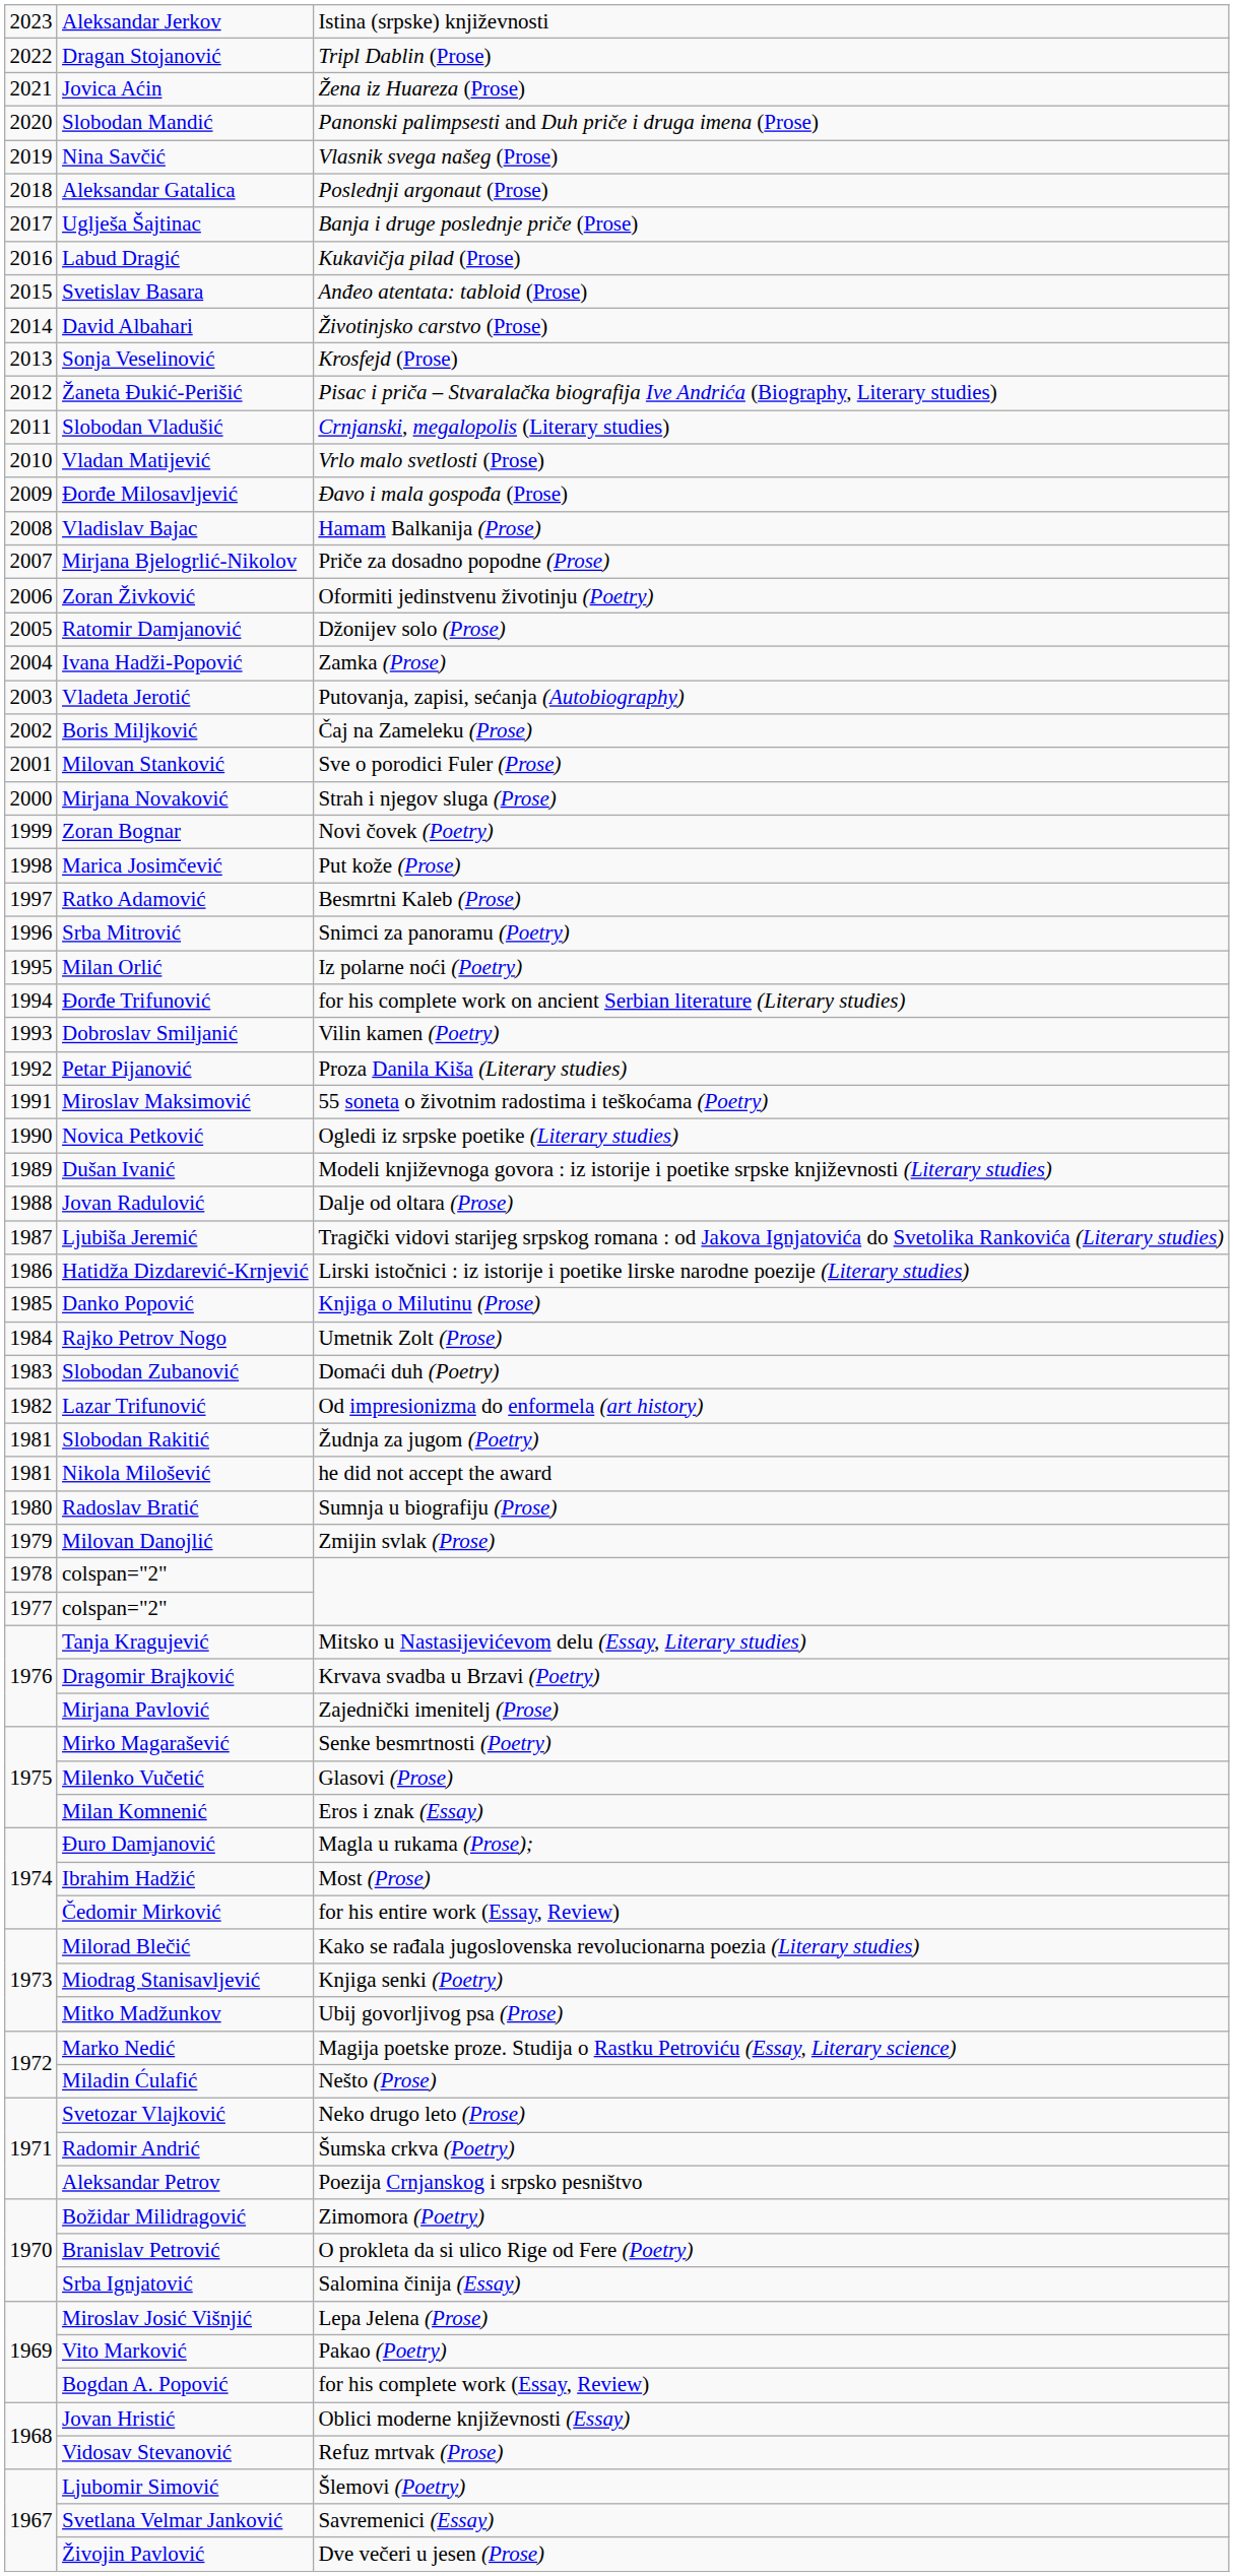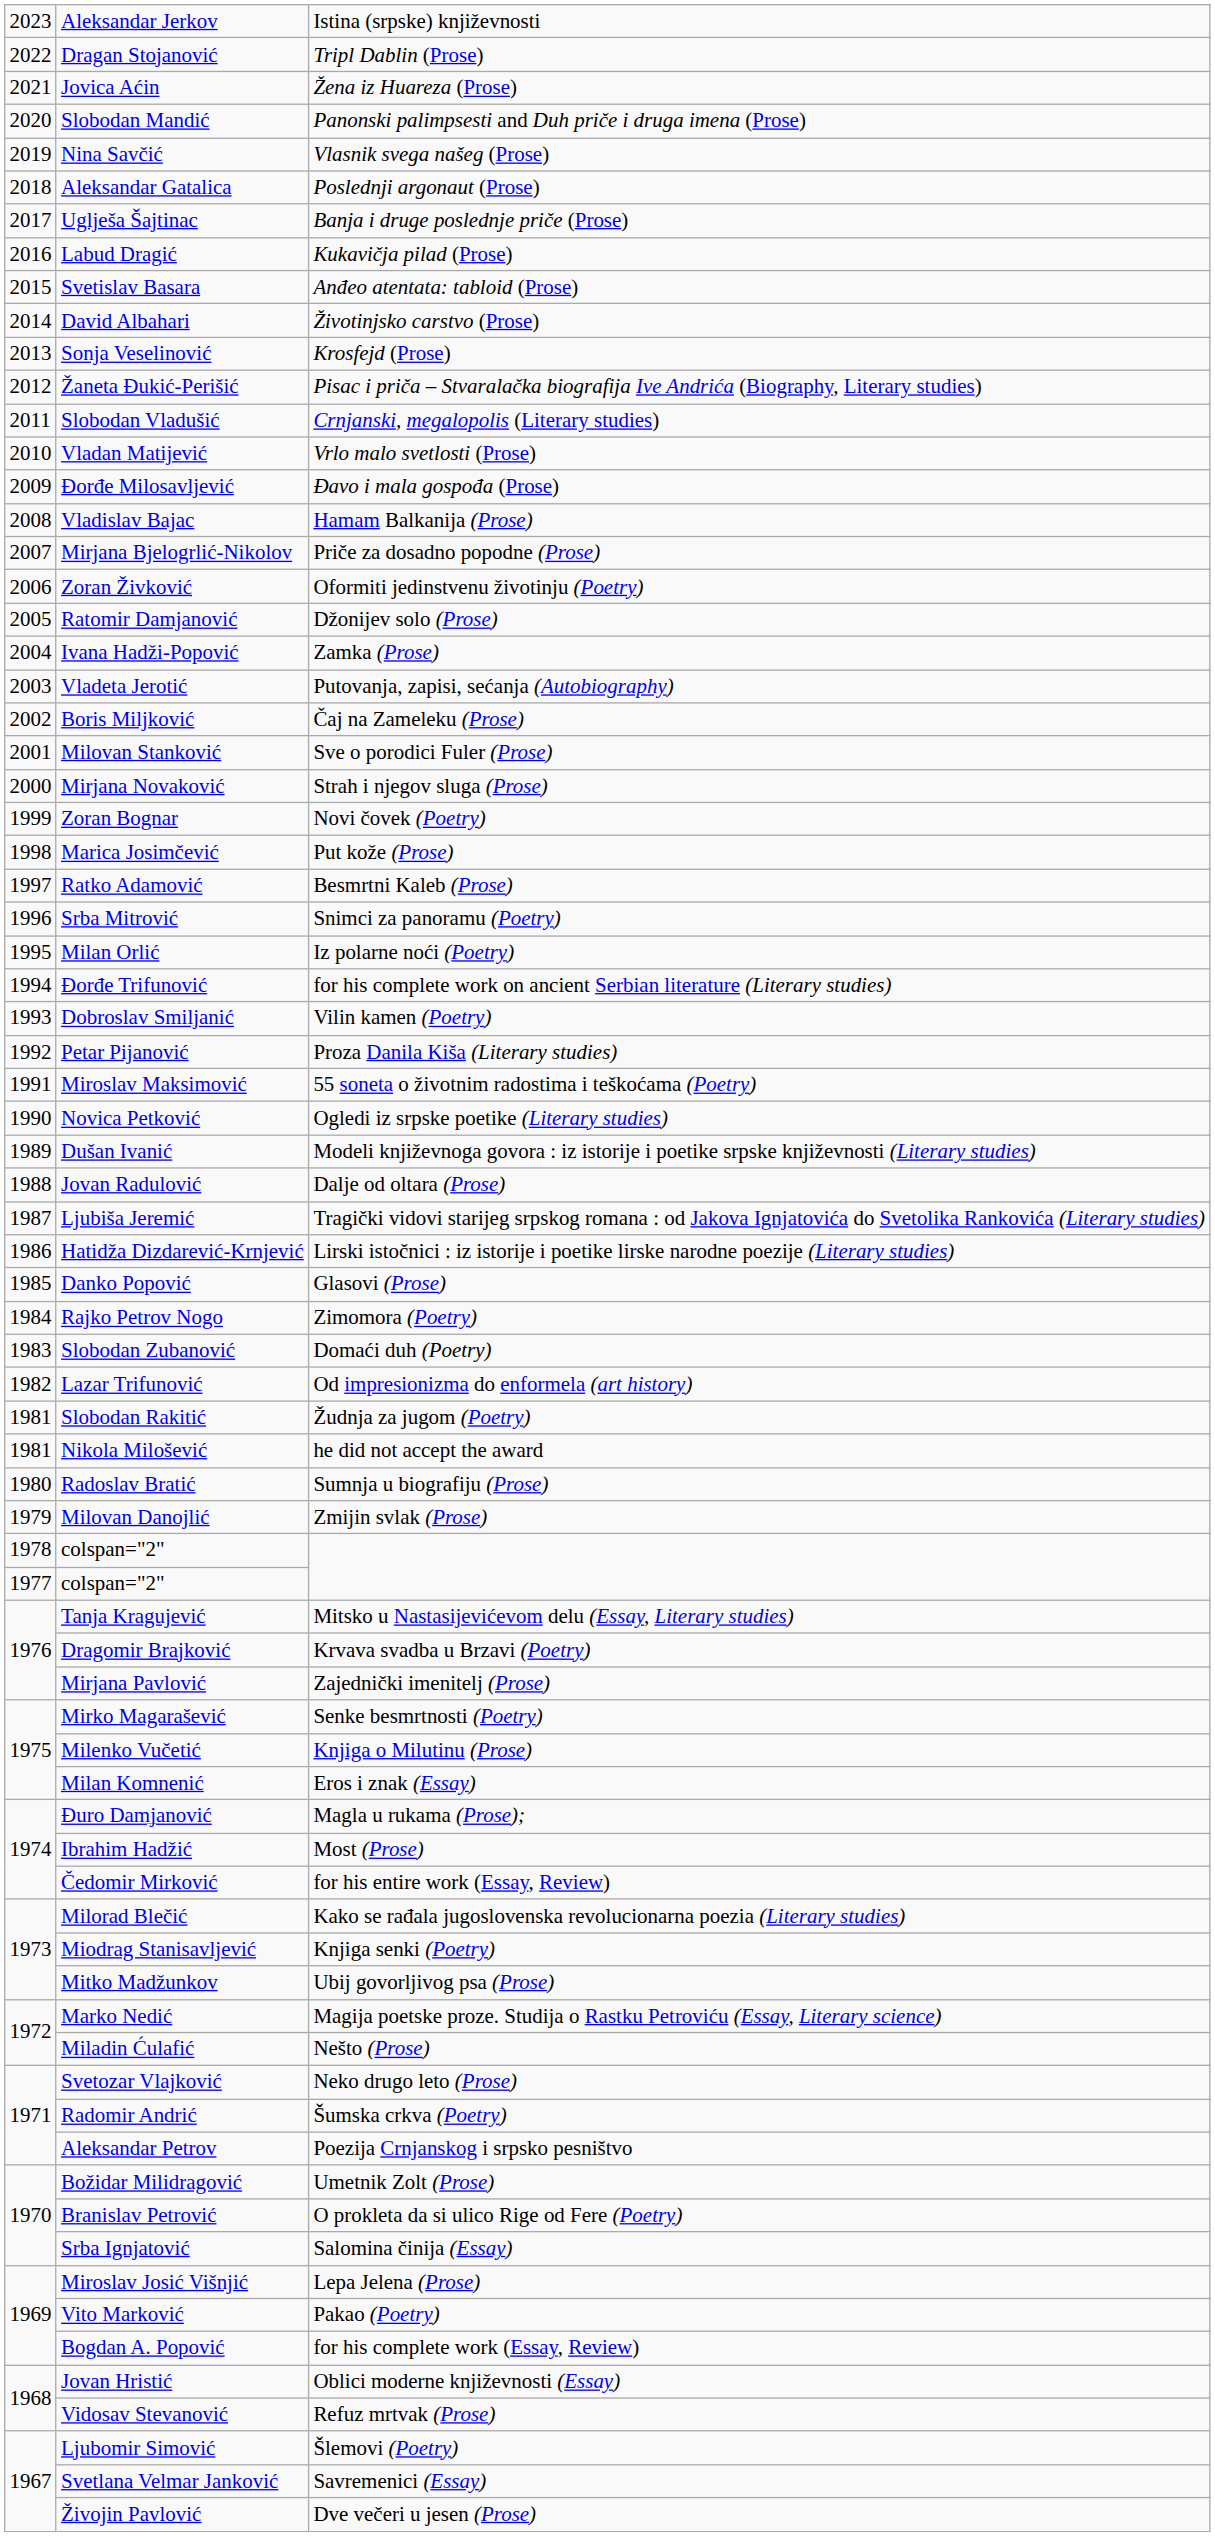 <table class="wikitable">
 <tr>
 <td>2023</td>
 <td><a href='#'>Aleksandar Jerkov</a></td>
 <td>Istina (srpske) književnosti</td>
 </tr>
 <tr>
 <td>2022</td>
 <td><a href='#'>Dragan Stojanović</a></td>
 <td><em>Tripl Dablin</em> (<a href='#'>Prose</a>)</td>
 </tr>
 <tr>
 <td>2021</td>
 <td><a href='#'>Jovica Aćin</a></td>
 <td><em>Žena iz Huareza</em> (<a href='#'>Prose</a>)</td>
 </tr>
 <tr>
 <td>2020</td>
 <td><a href='#'>Slobodan Mandić</a></td>
 <td><em>Panonski palimpsesti</em> and <em>Duh priče i druga imena</em> (<a href='#'>Prose</a>)</td>
 </tr>
 <tr>
 <td>2019</td>
 <td><a href='#'>Nina Savčić</a></td>
 <td><em>Vlasnik svega našeg</em> (<a href='#'>Prose</a>)</td>
 </tr>
 <tr>
 <td>2018</td>
 <td><a href='#'>Aleksandar Gatalica</a></td>
 <td><em>Poslednji argonaut</em> (<a href='#'>Prose</a>)</td>
 </tr>
 <tr>
 <td>2017</td>
 <td><a href='#'>Uglješa Šajtinac</a></td>
 <td><em>Banja i druge poslednje priče</em> (<a href='#'>Prose</a>)</td>
 </tr>
 <tr>
 <td>2016</td>
 <td><a href='#'>Labud Dragić</a></td>
 <td><em>Kukavičja pilad</em> (<a href='#'>Prose</a>)</td>
 </tr>
 <tr>
 <td>2015</td>
 <td><a href='#'>Svetislav Basara</a></td>
 <td><em>Anđeo atentata: tabloid</em>  (<a href='#'>Prose</a>)</td>
 </tr>
 <tr>
 <td>2014</td>
 <td><a href='#'>David Albahari</a></td>
 <td><em>Životinjsko carstvo</em> (<a href='#'>Prose</a>)</td>
 </tr>
 <tr>
 <td>2013</td>
 <td><a href='#'>Sonja Veselinović</a></td>
 <td><em>Krosfejd</em> (<a href='#'>Prose</a>)</td>
 </tr>
 <tr>
 <td>2012</td>
 <td><a href='#'>Žaneta Đukić-Perišić</a></td>
 <td><em>Pisac i priča – Stvaralačka biografija <a href='#'>Ive Andrića</a> </em>(<a href='#'>Biography</a>, <a href='#'>Literary studies</a>)</td>
 </tr>
 <tr>
 <td>2011</td>
 <td><a href='#'>Slobodan Vladušić</a></td>
 <td><em><a href='#'>Crnjanski</a>, <a href='#'>megalopolis</a></em> (<a href='#'>Literary studies</a>)</td>
 </tr>
 <tr>
 <td>2010</td>
 <td><a href='#'>Vladan Matijević</a></td>
 <td><em>Vrlo malo svetlosti</em>  (<a href='#'>Prose</a>)</td>
 </tr>
 <tr>
 <td>2009</td>
 <td><a href='#'>Đorđe Milosavljević</a></td>
 <td><em>Đavo i mala gospođa</em> (<a href='#'>Prose</a>)</td>
 </tr>
 <tr>
 <td>2008</td>
 <td><a href='#'>Vladislav Bajac</a></td>
 <td><a href='#'>Hamam</a> Balkanija<em> (<a href='#'>Prose</a>)</td>
 </tr>
 <tr>
 <td>2007</td>
 <td><a href='#'>Mirjana Bjelogrlić-Nikolov</a></td>
 <td></em>Priče za dosadno popodne<em> (<a href='#'>Prose</a>)</td>
 </tr>
 <tr>
 <td>2006</td>
 <td><a href='#'>Zoran Živković</a></td>
 <td></em>Oformiti jedinstvenu životinju<em> (<a href='#'>Poetry</a>)</td>
 </tr>
 <tr>
 <td>2005</td>
 <td><a href='#'>Ratomir Damjanović</a></td>
 <td></em>Džonijev solo<em> (<a href='#'>Prose</a>)</td>
 </tr>
 <tr>
 <td>2004</td>
 <td><a href='#'>Ivana Hadži-Popović</a></td>
 <td></em>Zamka<em> (<a href='#'>Prose</a>)</td>
 </tr>
 <tr>
 <td>2003</td>
 <td><a href='#'>Vladeta Jerotić</a></td>
 <td></em>Putovanja, zapisi, sećanja<em> (<a href='#'>Autobiography</a>)</td>
 </tr>
 <tr>
 <td>2002</td>
 <td><a href='#'>Boris Miljković</a></td>
 <td></em>Čaj na Zameleku<em> (<a href='#'>Prose</a>)</td>
 </tr>
 <tr>
 <td>2001</td>
 <td><a href='#'>Milovan Stanković</a></td>
 <td></em>Sve o porodici Fuler<em> (<a href='#'>Prose</a>)</td>
 </tr>
 <tr>
 <td>2000</td>
 <td><a href='#'>Mirjana Novaković</a></td>
 <td></em>Strah i njegov sluga<em> (<a href='#'>Prose</a>)</td>
 </tr>
 <tr>
 <td>1999</td>
 <td><a href='#'>Zoran Bognar</a></td>
 <td></em>Novi čovek<em> (<a href='#'>Poetry</a>)</td>
 </tr>
 <tr>
 <td>1998</td>
 <td><a href='#'>Marica Josimčević</a></td>
 <td></em>Put kože<em> (<a href='#'>Prose</a>)</td>
 </tr>
 <tr>
 <td>1997</td>
 <td><a href='#'>Ratko Adamović</a></td>
 <td></em>Besmrtni Kaleb<em> (<a href='#'>Prose</a>)</td>
 </tr>
 <tr>
 <td>1996</td>
 <td><a href='#'>Srba Mitrović</a></td>
 <td></em>Snimci za panoramu<em> (<a href='#'>Poetry</a>)</td>
 </tr>
 <tr>
 <td>1995</td>
 <td><a href='#'>Milan Orlić</a></td>
 <td></em>Iz polarne noći<em> (<a href='#'>Poetry</a>)</td>
 </tr>
 <tr>
 <td>1994</td>
 <td><a href='#'>Đorđe Trifunović</a></td>
 <td>for his </em>complete work on ancient <a href='#'>Serbian literature</a><em> (Literary studies)</td>
 </tr>
 <tr>
 <td>1993</td>
 <td><a href='#'>Dobroslav Smiljanić</a></td>
 <td></em>Vilin kamen<em> (<a href='#'>Poetry</a>)</td>
 </tr>
 <tr>
 <td>1992</td>
 <td><a href='#'>Petar Pijanović</a></td>
 <td></em>Proza <a href='#'>Danila Kiša</a><em> (Literary studies)</td>
 </tr>
 <tr>
 <td>1991</td>
 <td><a href='#'>Miroslav Maksimović</a></td>
 <td></em>55 <a href='#'>soneta</a> o životnim radostima i teškoćama<em> (<a href='#'>Poetry</a>)</td>
 </tr>
 <tr>
 <td>1990</td>
 <td><a href='#'>Novica Petković</a></td>
 <td></em>Ogledi iz srpske poetike<em> (<a href='#'>Literary studies</a>)</td>
 </tr>
 <tr>
 <td>1989</td>
 <td><a href='#'>Dušan Ivanić</a></td>
 <td></em>Modeli književnoga govora : iz istorije i poetike srpske književnosti<em> (<a href='#'>Literary studies</a>)</td>
 </tr>
 <tr>
 <td>1988</td>
 <td><a href='#'>Jovan Radulović</a></td>
 <td></em>Dalje od oltara<em> (<a href='#'>Prose</a>)</td>
 </tr>
 <tr>
 <td>1987</td>
 <td><a href='#'>Ljubiša Jeremić</a></td>
 <td></em>Tragički vidovi starijeg srpskog romana : od <a href='#'>Jakova Ignjatovića</a> do <a href='#'>Svetolika Rankovića</a><em> (<a href='#'>Literary studies</a>)</td>
 </tr>
 <tr>
 <td>1986</td>
 <td><a href='#'>Hatidža Dizdarević-Krnjević</a></td>
 <td></em>Lirski istočnici : iz istorije i poetike lirske narodne poezije<em> (<a href='#'>Literary studies</a>)</td>
 </tr>
 <tr>
 <td>1985</td>
 <td><a href='#'>Danko Popović</a></td>
-<td></em><a href='#'>Knjiga o Milutinu</a><em> (<a href='#'>Prose</a>)</td>
+<td></em>Glasovi<em> (<a href='#'>Prose</a>)</td>
 </tr>
 <tr>
 <td>1984</td>
 <td><a href='#'>Rajko Petrov Nogo</a></td>
-<td></em>Umetnik Zolt<em> (<a href='#'>Prose</a>)</td>
+<td></em>Zimomora<em> (<a href='#'>Poetry</a>)</td>
 </tr>
 <tr>
 <td>1983</td>
 <td><a href='#'>Slobodan Zubanović</a></td>
 <td></em>Domaći duh<em> (Poetry)</td>
 </tr>
 <tr>
 <td>1982</td>
 <td><a href='#'>Lazar Trifunović</a></td>
 <td></em>Od <a href='#'>impresionizma</a> do <a href='#'>enformela</a><em> (<a href='#'>art history</a>)</td>
 </tr>
 <tr>
 <td>1981</td>
 <td><a href='#'>Slobodan Rakitić</a></td>
 <td></em>Žudnja za jugom<em> (<a href='#'>Poetry</a>)</td>
 </tr>
 <tr>
 <td>1981</td>
 <td><a href='#'>Nikola Milošević</a></td>
 <td>he did not accept the award</td>
 </tr>
 <tr>
 <td>1980</td>
 <td><a href='#'>Radoslav Bratić</a></td>
 <td></em>Sumnja u biografiju<em> (<a href='#'>Prose</a>)</td>
 </tr>
 <tr>
 <td>1979</td>
 <td><a href='#'>Milovan Danojlić</a></td>
 <td></em>Zmijin svlak<em> (<a href='#'>Prose</a>)</td>
 </tr>
 <tr>
 <td>1978</td>
 <td>colspan="2" </td>
 </tr>
 <tr>
 <td>1977</td>
 <td>colspan="2" </td>
 </tr>
 <tr>
 <td rowspan="3">1976</td>
 <td><a href='#'>Tanja Kragujević</a></td>
 <td></em>Mitsko u <a href='#'>Nastasijevićevom</a> delu<em> (<a href='#'>Essay</a>, <a href='#'>Literary studies</a>)</td>
 </tr>
 <tr>
 <td><a href='#'>Dragomir Brajković</a></td>
 <td></em>Krvava svadba u Brzavi<em> (<a href='#'>Poetry</a>)</td>
 </tr>
 <tr>
 <td><a href='#'>Mirjana Pavlović</a></td>
 <td></em>Zajednički imenitelj<em> (<a href='#'>Prose</a>)</td>
 </tr>
 <tr>
 <td rowspan="3">1975</td>
 <td><a href='#'>Mirko Magarašević</a></td>
 <td></em>Senke besmrtnosti<em> (<a href='#'>Poetry</a>)</td>
 </tr>
 <tr>
 <td><a href='#'>Milenko Vučetić</a></td>
-<td></em>Glasovi<em> (<a href='#'>Prose</a>)</td>
+<td></em><a href='#'>Knjiga o Milutinu</a><em> (<a href='#'>Prose</a>)</td>
 </tr>
 <tr>
 <td><a href='#'>Milan Komnenić</a></td>
 <td></em>Eros i znak<em> (<a href='#'>Essay</a>)</td>
 </tr>
 <tr>
 <td rowspan="3">1974</td>
 <td><a href='#'>Đuro Damjanović</a></td>
 <td></em>Magla u rukama<em> (<a href='#'>Prose</a>);</td>
 </tr>
 <tr>
 <td><a href='#'>Ibrahim Hadžić</a></td>
 <td></em>Most<em> (<a href='#'>Prose</a>)</td>
 </tr>
 <tr>
 <td><a href='#'>Čedomir Mirković</a></td>
 <td>for his entire work (<a href='#'>Essay</a>, <a href='#'>Review</a>)</td>
 </tr>
 <tr>
 <td rowspan="3">1973</td>
 <td><a href='#'>Milorad Blečić</a></td>
 <td></em>Kako se rađala jugoslovenska revolucionarna poezia<em> (<a href='#'>Literary studies</a>)</td>
 </tr>
 <tr>
 <td><a href='#'>Miodrag Stanisavljević</a></td>
 <td></em>Knjiga senki<em> (<a href='#'>Poetry</a>)</td>
 </tr>
 <tr>
 <td><a href='#'>Mitko Madžunkov</a></td>
 <td></em>Ubij govorljivog psa<em> (<a href='#'>Prose</a>)</td>
 </tr>
 <tr>
 <td rowspan="2">1972</td>
 <td><a href='#'>Marko Nedić</a></td>
 <td></em>Magija poetske proze. Studija o <a href='#'>Rastku Petroviću</a><em> (<a href='#'>Essay</a>, <a href='#'>Literary science</a>)</td>
 </tr>
 <tr>
 <td><a href='#'>Miladin Ćulafić</a></td>
 <td></em>Nešto<em> (<a href='#'>Prose</a>)</td>
 </tr>
 <tr>
 <td rowspan="3">1971</td>
 <td><a href='#'>Svetozar Vlajković</a></td>
 <td></em>Neko drugo leto<em> (<a href='#'>Prose</a>)</td>
 </tr>
 <tr>
 <td><a href='#'>Radomir Andrić</a></td>
 <td></em>Šumska crkva<em> (<a href='#'>Poetry</a>)</td>
 </tr>
 <tr>
 <td><a href='#'>Aleksandar Petrov</a></td>
 <td></em>Poezija <a href='#'>Crnjanskog</a> i srpsko pesništvo<em></td>
 </tr>
 <tr>
 <td rowspan="3">1970</td>
 <td><a href='#'>Božidar Milidragović</a></td>
-<td></em>Zimomora<em> (<a href='#'>Poetry</a>)</td>
+<td></em>Umetnik Zolt<em> (<a href='#'>Prose</a>)</td>
 </tr>
 <tr>
 <td><a href='#'>Branislav Petrović</a></td>
 <td></em>O prokleta da si ulico Rige od Fere<em> (<a href='#'>Poetry</a>)</td>
 </tr>
 <tr>
 <td><a href='#'>Srba Ignjatović</a></td>
 <td></em>Salomina činija<em> (<a href='#'>Essay</a>)</td>
 </tr>
 <tr>
 <td rowspan="3">1969</td>
 <td><a href='#'>Miroslav Josić Višnjić</a></td>
 <td></em>Lepa Jelena<em> (<a href='#'>Prose</a>)</td>
 </tr>
 <tr>
 <td><a href='#'>Vito Marković</a></td>
 <td></em>Pakao<em> (<a href='#'>Poetry</a>)</td>
 </tr>
 <tr>
 <td><a href='#'>Bogdan A. Popović</a></td>
 <td>for his complete work (<a href='#'>Essay</a>, <a href='#'>Review</a>)</td>
 </tr>
 <tr>
 <td rowspan="2">1968</td>
 <td><a href='#'>Jovan Hristić</a></td>
 <td></em>Oblici moderne književnosti<em> (<a href='#'>Essay</a>)</td>
 </tr>
 <tr>
 <td><a href='#'>Vidosav Stevanović</a></td>
 <td></em>Refuz mrtvak<em> (<a href='#'>Prose</a>)</td>
 </tr>
 <tr>
 <td rowspan="3">1967</td>
 <td><a href='#'>Ljubomir Simović</a></td>
 <td></em>Šlemovi<em> (<a href='#'>Poetry</a>)</td>
 </tr>
 <tr>
 <td><a href='#'>Svetlana Velmar Janković</a></td>
 <td></em>Savremenici<em> (<a href='#'>Essay</a>)</td>
 </tr>
 <tr>
 <td><a href='#'>Živojin Pavlović</a></td>
 <td></em>Dve večeri u jesen<em> (<a href='#'>Prose</a>)</td>
 </tr>
 </table>
